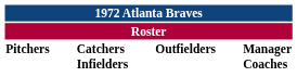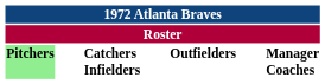 <table class="toccolours" style="font-size: 95%;">
 <tr>
 <th colspan="10" style="background-color: #0f437c; color: white; text-align: center;">1972 Atlanta Braves</th>
 </tr>
 <tr>
 <td colspan="10" style="background-color: #af0039; color: white; text-align: center;"><strong>Roster</strong></td>
 </tr>
 <tr>
-<td valign="top"><strong>Pitchers</strong><br>                </td>
+<td valign="top" style="background: lightgreen;"><strong>Pitchers</strong><br>                </td>
 <td width="25px"></td>
 <td valign="top"><strong>Catchers</strong><br>   <strong>Infielders</strong>          </td>
 <td width="25px"></td>
 <td valign="top"><strong>Outfielders</strong><br>     </td>
 <td width="25px"></td>
 <td valign="top"><strong>Manager</strong><br>  <strong>Coaches</strong>    </td>
 </tr>
 </table>
